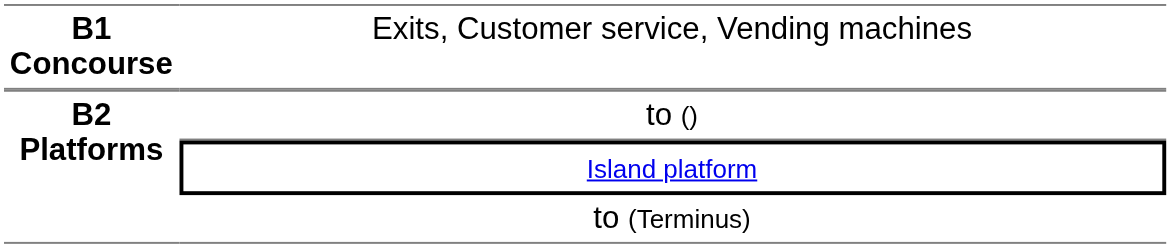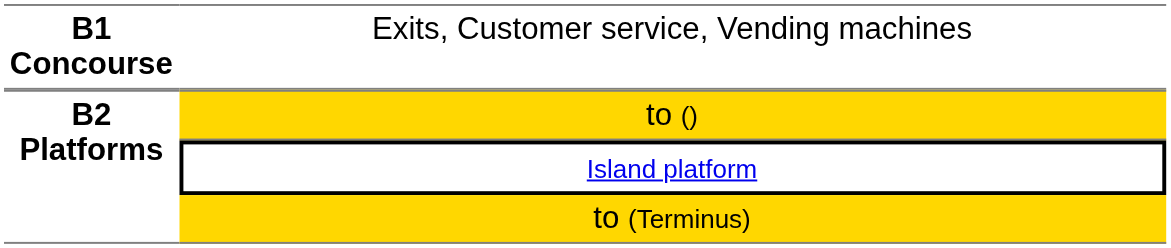 <table table border=0 cellspacing=0 cellpadding=3>
 <tr>
 <td style="border-bottom:solid 1px gray; border-top:solid 1px gray;text-align:center" valign=top><strong>B1<br>Concourse</strong></td>
 <td style="border-bottom:solid 1px gray; border-top:solid 1px gray;text-align:center;" valign=top width=500>Exits, Customer service, Vending machines</td>
 </tr>
 <tr>
 <td style="border-bottom:solid 1px gray; border-top:solid 1px gray;text-align:center" rowspan="3" valign=top><strong>B2<br>Platforms</strong></td>
-<td style="border-bottom:solid 1px gray; border-top:solid 1px gray;text-align:center;">  to  <small>()</small></td>
+<td style="background: gold; border-bottom:solid 1px gray; border-top:solid 1px gray;text-align:center;">  to  <small>()</small></td>
 </tr>
 <tr>
 <td style="border-right:solid 2px black;border-left:solid 2px black;border-top:solid 2px black;border-bottom:solid 2px black;text-align:center;" colspan=2><small><a href='#'>Island platform</a></small></td>
 </tr>
 <tr>
-<td style="border-bottom:solid 1px gray;text-align:center;"> to  <small>(Terminus) </small></td>
+<td style="background: gold; border-bottom:solid 1px gray;text-align:center;"> to  <small>(Terminus) </small></td>
 </tr>
 </table>
